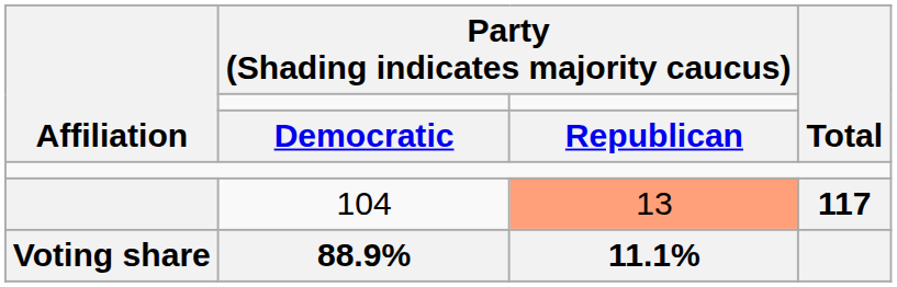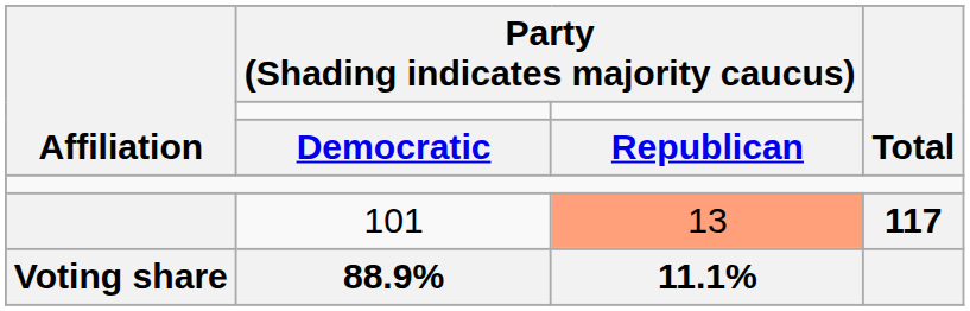 <table class=wikitable style="text-align:center">
 <tr style="vertical-align:bottom;">
 <th rowspan=3>Affiliation</th>
 <th colspan=2>Party <div>(Shading indicates majority caucus)</div></th>
 <th rowspan=3>Total</th>
 </tr>
 <tr style="height:5px">
 <td style="background-color:"></td>
 <td style="background-color:"></td>
 </tr>
 <tr>
 <th><a href='#'>Democratic</a></th>
 <th><a href='#'>Republican</a></th>
 </tr>
 <tr>
 <td colspan=5></td>
 </tr>
 <tr>
 <th nowrap style="font-size:80%"></th>
-<td>104</td>
+<td>101</td>
 <td style="background: lightsalmon;">13</td>
 <th>117</th>
 </tr>
 <tr>
 <th>Voting share</th>
 <th>88.9%</th>
 <th>11.1%</th>
 <th colspan=2></th>
 </tr>
 </table>
